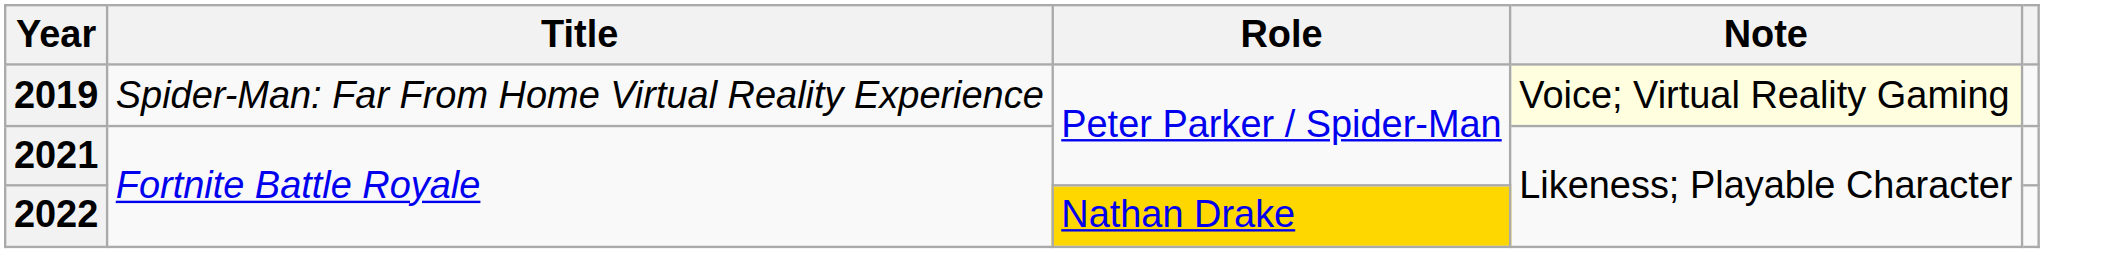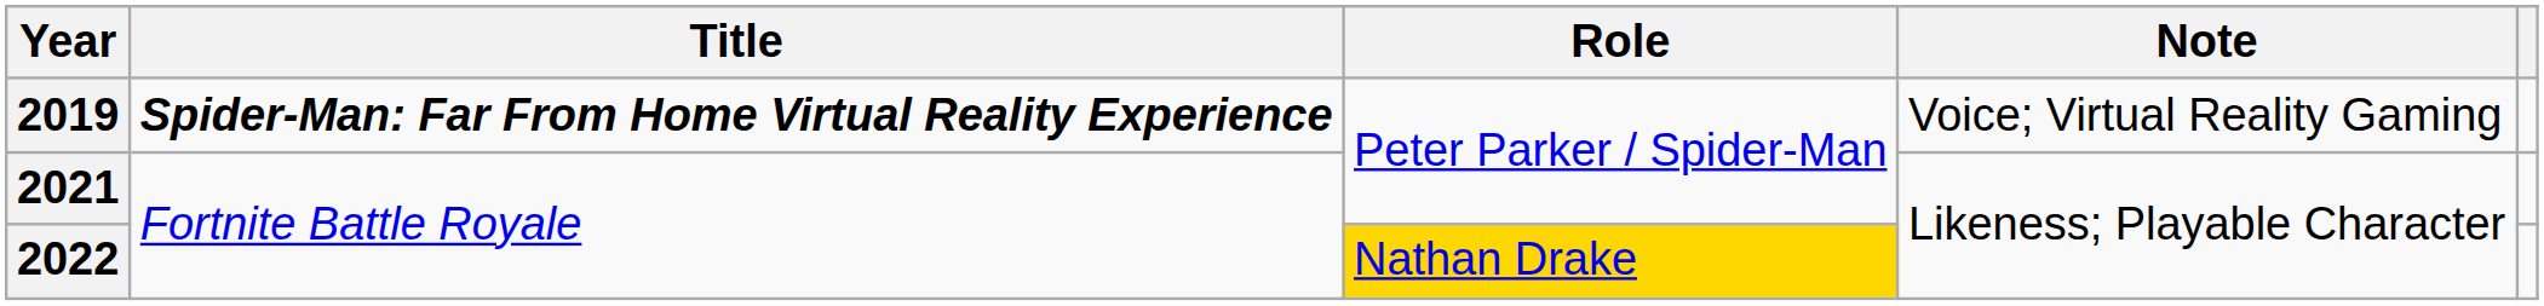 <table class="wikitable sortable plainrowheaders unsortable">
 <tr>
 <th scope="col">Year</th>
 <th scope="col">Title</th>
 <th scope="col">Role</th>
 <th scope="col">Note</th>
 <th scope="col"></th>
 </tr>
 <tr>
 <th scope="row">2019</th>
-<td><em>Spider-Man: Far From Home Virtual Reality Experience</em></td>
+<td><strong><em>Spider-Man: Far From Home Virtual Reality Experience</em></strong></td>
 <td rowspan="2"><a href='#'>Peter Parker / Spider-Man</a></td>
-<td style="background: lightyellow;">Voice; Virtual Reality Gaming</td>
+<td>Voice; Virtual Reality Gaming</td>
 <td style="text-align:center;"></td>
 </tr>
 <tr>
 <th scope="row">2021</th>
 <td rowspan="2"><em><a href='#'>Fortnite Battle Royale</a></em></td>
 <td rowspan="2">Likeness; Playable Character</td>
 <td style="text-align:center;"></td>
 </tr>
 <tr>
 <th scope="row">2022</th>
 <td style="background: gold;"><a href='#'>Nathan Drake</a></td>
 <td style="text-align:center;"></td>
 </tr>
 </table>
